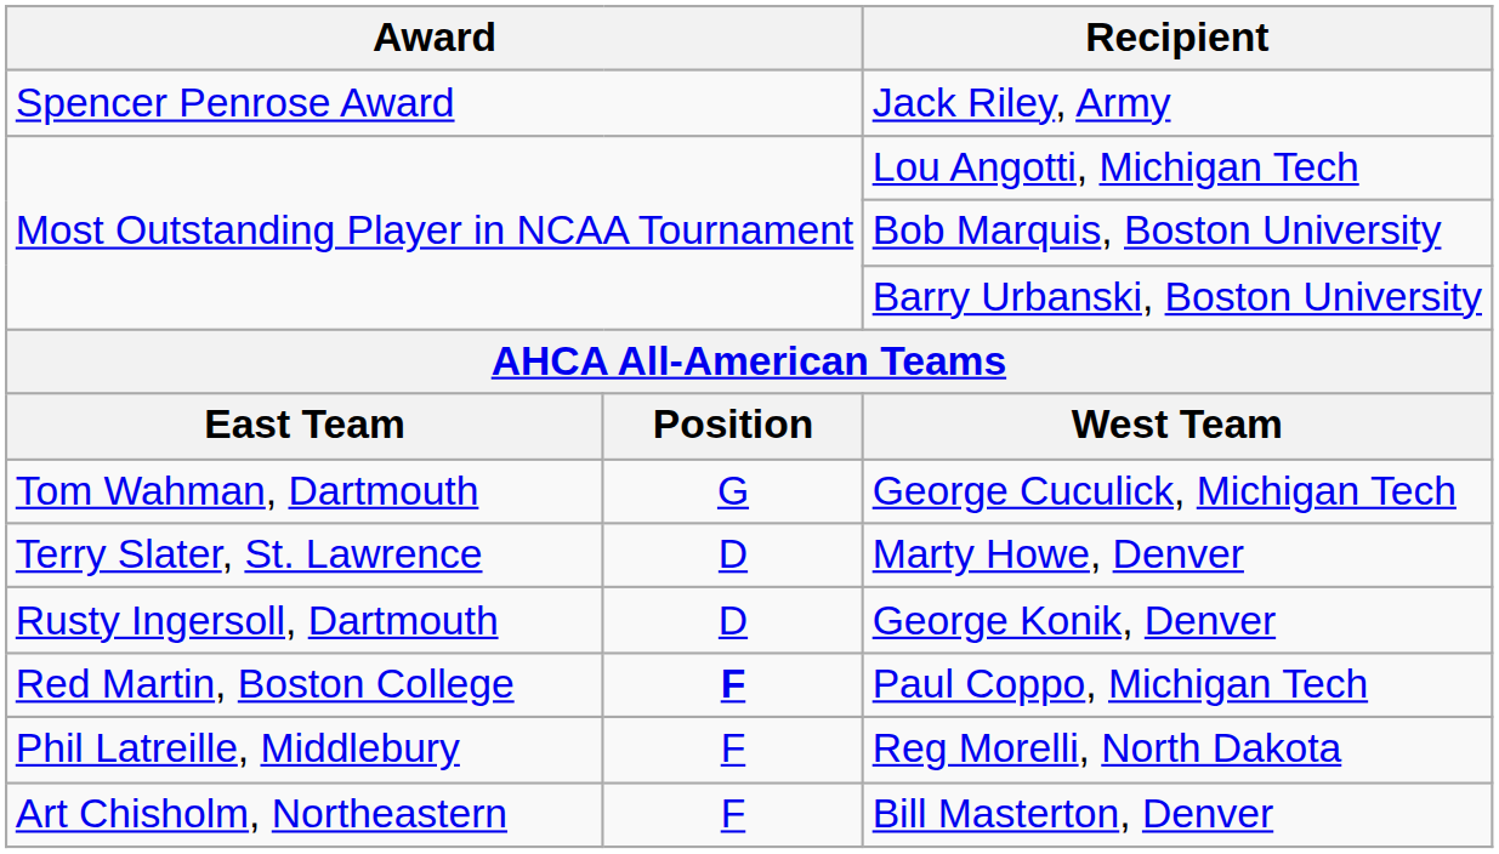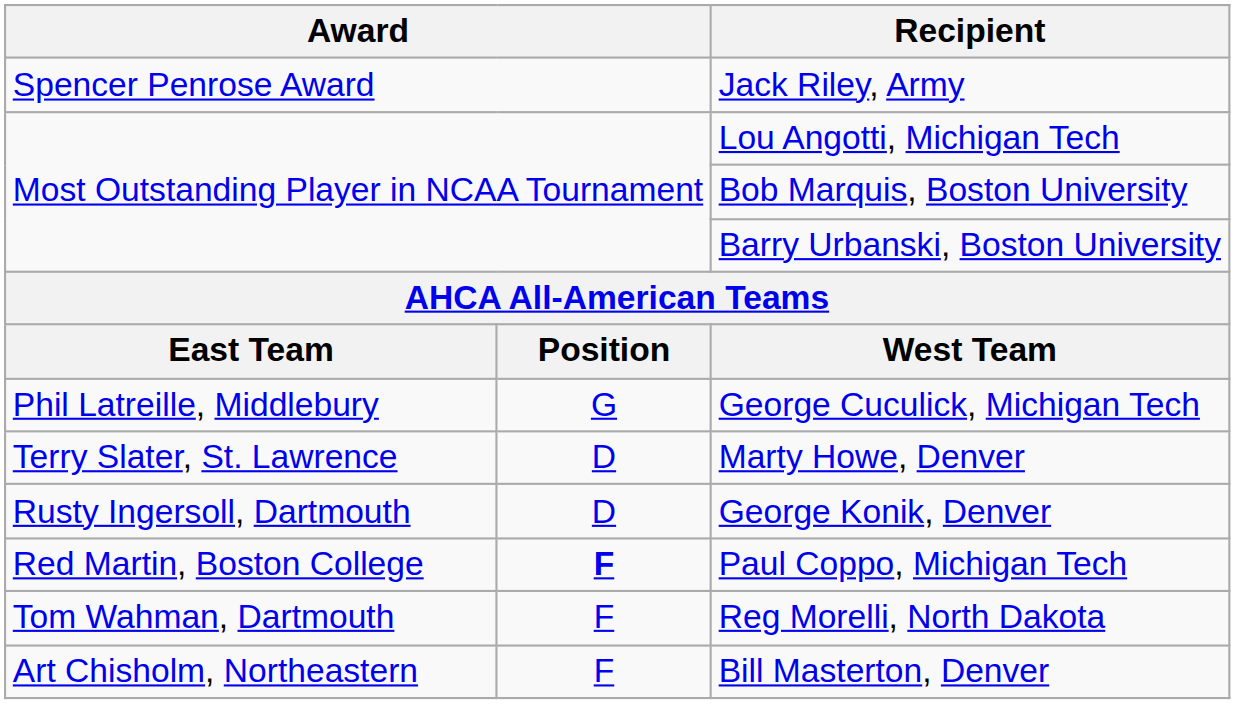 <table class="wikitable">
 <tr>
 <th colspan=2>Award</th>
 <th>Recipient</th>
 </tr>
 <tr>
 <td colspan=2><a href='#'>Spencer Penrose Award</a></td>
 <td><a href='#'>Jack Riley</a>, <a href='#'>Army</a></td>
 </tr>
 <tr>
 <td colspan=2 rowspan=3><a href='#'>Most Outstanding Player in NCAA Tournament</a></td>
 <td><a href='#'>Lou Angotti</a>, <a href='#'>Michigan Tech</a></td>
 </tr>
 <tr>
 <td><a href='#'>Bob Marquis</a>, <a href='#'>Boston University</a></td>
 </tr>
 <tr>
 <td><a href='#'>Barry Urbanski</a>, <a href='#'>Boston University</a></td>
 </tr>
 <tr>
 <th colspan=3><a href='#'>AHCA All-American Teams</a></th>
 </tr>
 <tr>
 <th>East Team</th>
 <th>  Position  </th>
 <th>West Team</th>
 </tr>
 <tr>
-<td><a href='#'>Tom Wahman</a>, <a href='#'>Dartmouth</a></td>
+<td><a href='#'>Phil Latreille</a>, <a href='#'>Middlebury</a></td>
 <td align=center><a href='#'>G</a></td>
 <td><a href='#'>George Cuculick</a>, <a href='#'>Michigan Tech</a></td>
 </tr>
 <tr>
 <td><a href='#'>Terry Slater</a>, <a href='#'>St. Lawrence</a></td>
 <td align=center><a href='#'>D</a></td>
 <td><a href='#'>Marty Howe</a>, <a href='#'>Denver</a></td>
 </tr>
 <tr>
 <td><a href='#'>Rusty Ingersoll</a>, <a href='#'>Dartmouth</a></td>
 <td align=center><a href='#'>D</a></td>
 <td><a href='#'>George Konik</a>, <a href='#'>Denver</a></td>
 </tr>
 <tr>
 <td><a href='#'>Red Martin</a>, <a href='#'>Boston College</a></td>
 <td align=center><strong><a href='#'>F</a></strong></td>
 <td><a href='#'>Paul Coppo</a>, <a href='#'>Michigan Tech</a></td>
 </tr>
 <tr>
-<td><a href='#'>Phil Latreille</a>, <a href='#'>Middlebury</a></td>
+<td><a href='#'>Tom Wahman</a>, <a href='#'>Dartmouth</a></td>
 <td align=center><a href='#'>F</a></td>
 <td><a href='#'>Reg Morelli</a>, <a href='#'>North Dakota</a></td>
 </tr>
 <tr>
 <td><a href='#'>Art Chisholm</a>, <a href='#'>Northeastern</a></td>
 <td align=center><a href='#'>F</a></td>
 <td><a href='#'>Bill Masterton</a>, <a href='#'>Denver</a></td>
 </tr>
 </table>
